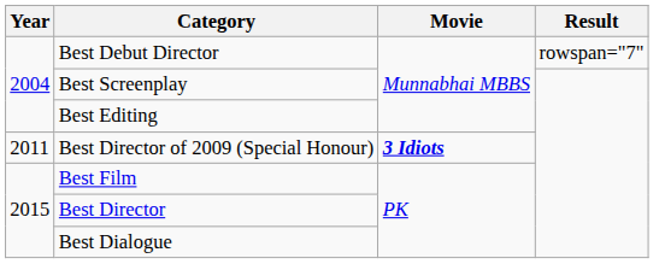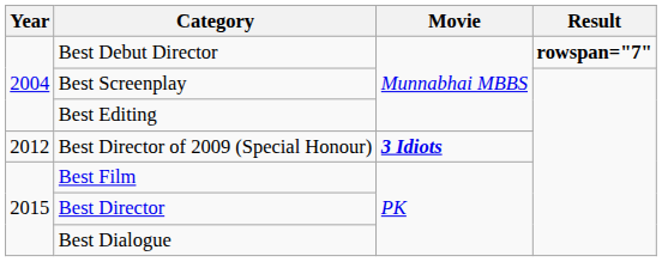 <table class="wikitable">
 <tr>
 <th>Year</th>
 <th>Category</th>
 <th>Movie</th>
 <th>Result</th>
 </tr>
 <tr>
 <td rowspan="3"><a href='#'>2004</a></td>
 <td>Best Debut Director</td>
 <td rowspan="3"><em><a href='#'>Munnabhai MBBS</a></em></td>
-<td>rowspan="7"</td>
+<td><strong>rowspan="7"</strong></td>
 </tr>
 <tr>
 <td>Best Screenplay</td>
 </tr>
 <tr>
 <td>Best Editing</td>
 </tr>
 <tr>
-<td>2011</td>
+<td>2012</td>
 <td>Best Director of 2009 (Special Honour)</td>
 <td><strong><em><a href='#'>3 Idiots</a></em></strong></td>
 </tr>
 <tr>
 <td rowspan="3">2015</td>
 <td><a href='#'>Best Film</a></td>
 <td rowspan="3"><em><a href='#'>PK</a></em></td>
 </tr>
 <tr>
 <td><a href='#'>Best Director</a></td>
 </tr>
 <tr>
 <td>Best Dialogue</td>
 </tr>
 </table>
